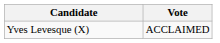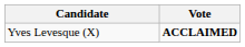 <table class="wikitable">
 <tr>
 <th bgcolor="#DDDDFF" width="200px">Candidate</th>
 <th bgcolor="#DDDDFF">Vote</th>
 </tr>
 <tr>
 <td>Yves Levesque (X)</td>
-<td>ACCLAIMED</td>
+<td><strong>ACCLAIMED</strong></td>
 </tr>
 </table>
